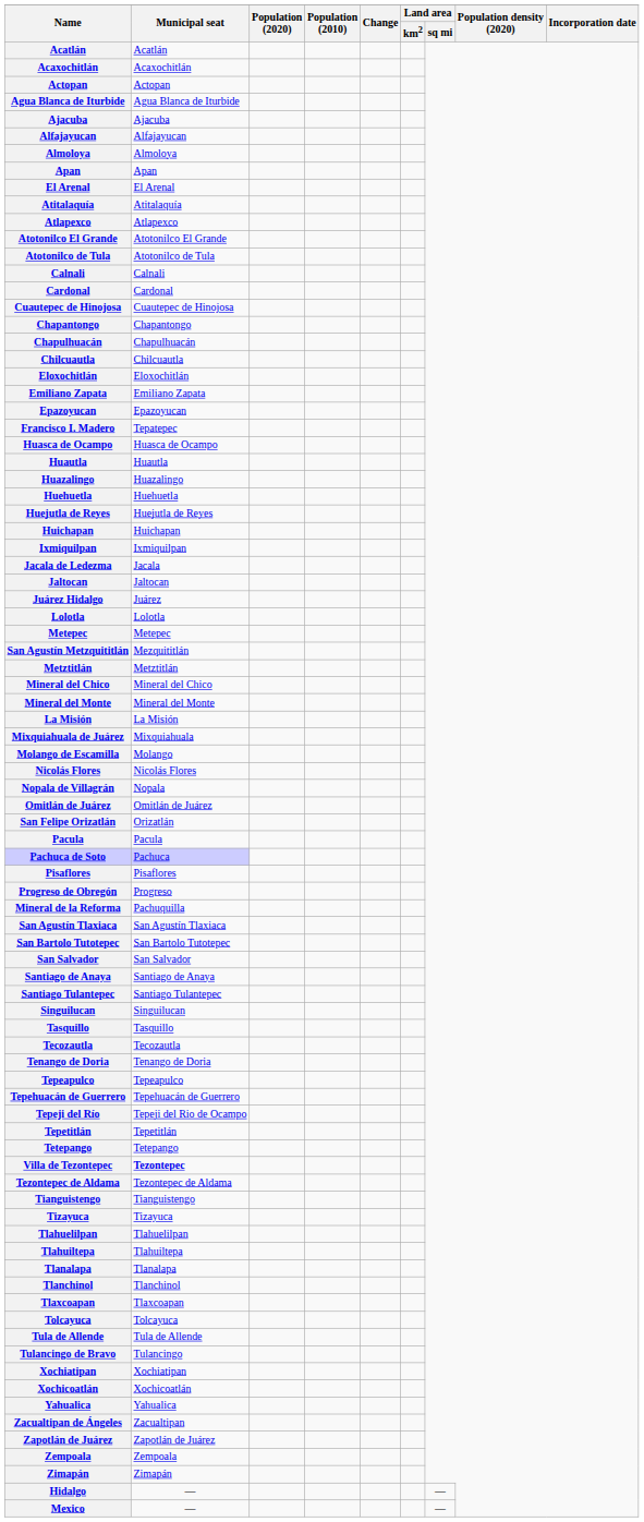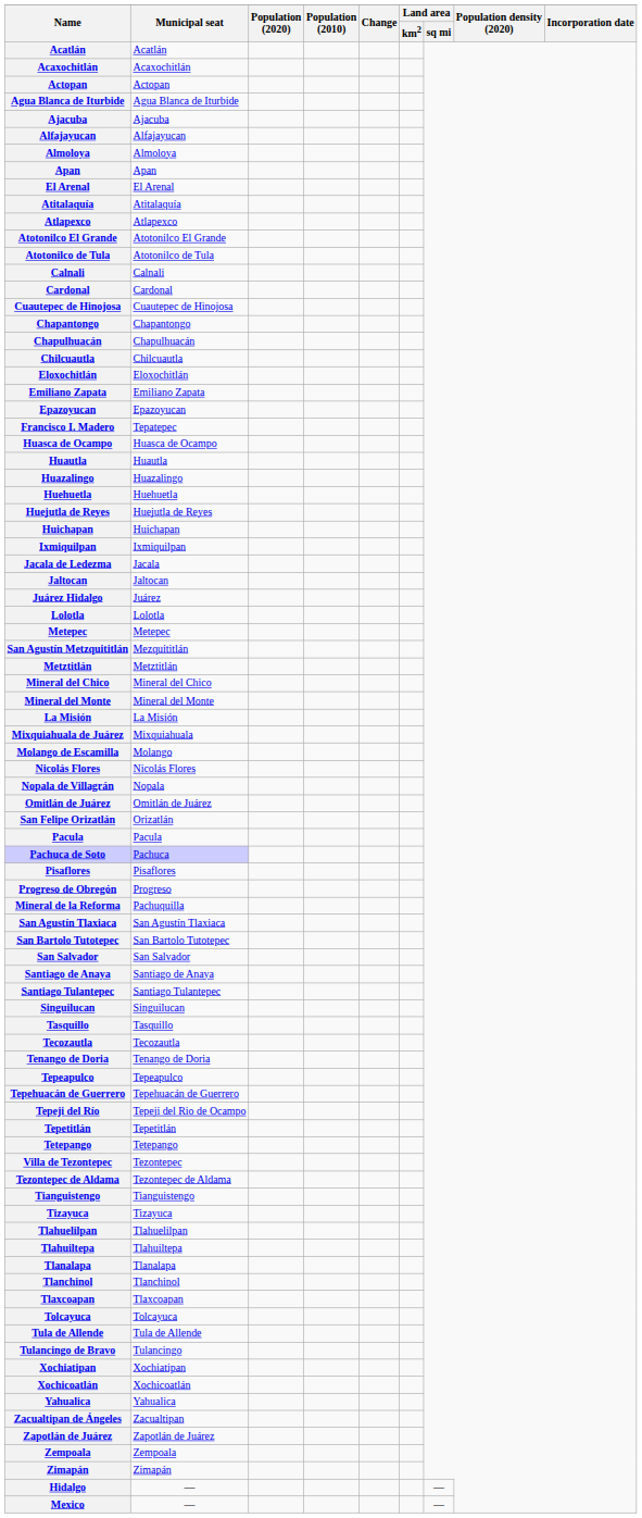 <table class="wikitable sortable" style="text-align:right;">
 <tr>
 </tr>
 <tr>
 <th scope="col"  rowspan=2>Name</th>
 <th scope="col"  rowspan=2>Municipal seat</th>
 <th scope="col"  rowspan=2>Population<br>(2020)</th>
 <th scope="col"  rowspan=2>Population<br>(2010)</th>
 <th scope="col"  rowspan=2>Change</th>
 <th scope="col" data-sort-type="number"  colspan=2>Land area </th>
 <th scope="col" data-sort-type="number"  rowspan=2>Population density<br>(2020)</th>
 <th scope="col"  rowspan=2>Incorporation date</th>
 </tr>
 <tr>
 <th scope="col">km<sup>2</sup></th>
 <th scope="col">sq mi</th>
 </tr>
 <tr>
 <th scope="row" align="left"><a href='#'>Acatlán</a></th>
 <td align=left><a href='#'>Acatlán</a></td>
 <td></td>
 <td></td>
 <td></td>
 <td></td>
 </tr>
 <tr>
 <th scope="row" align="left"><a href='#'>Acaxochitlán</a></th>
 <td align=left><a href='#'>Acaxochitlán</a></td>
 <td></td>
 <td></td>
 <td></td>
 <td></td>
 </tr>
 <tr>
 <th scope="row" align="left"><a href='#'>Actopan</a></th>
 <td align=left><a href='#'>Actopan</a></td>
 <td></td>
 <td></td>
 <td></td>
 <td></td>
 </tr>
 <tr>
 <th scope="row" align="left"><a href='#'>Agua Blanca de Iturbide</a></th>
 <td align=left><a href='#'>Agua Blanca de Iturbide</a></td>
 <td></td>
 <td></td>
 <td></td>
 <td></td>
 </tr>
 <tr>
 <th scope="row" align="left"><a href='#'>Ajacuba</a></th>
 <td align=left><a href='#'>Ajacuba</a></td>
 <td></td>
 <td></td>
 <td></td>
 <td></td>
 </tr>
 <tr>
 <th scope="row" align="left"><a href='#'>Alfajayucan</a></th>
 <td align=left><a href='#'>Alfajayucan</a></td>
 <td></td>
 <td></td>
 <td></td>
 <td></td>
 </tr>
 <tr>
 <th scope="row" align="left"><a href='#'>Almoloya</a></th>
 <td align=left><a href='#'>Almoloya</a></td>
 <td></td>
 <td></td>
 <td></td>
 <td></td>
 </tr>
 <tr>
 <th scope="row" align="left"><a href='#'>Apan</a></th>
 <td align=left><a href='#'>Apan</a></td>
 <td></td>
 <td></td>
 <td></td>
 <td></td>
 </tr>
 <tr>
 <th scope="row" align="left"><a href='#'>El Arenal</a></th>
 <td align=left><a href='#'>El Arenal</a></td>
 <td></td>
 <td></td>
 <td></td>
 <td></td>
 </tr>
 <tr>
 <th scope="row" align="left"><a href='#'>Atitalaquía</a></th>
 <td align=left><a href='#'>Atitalaquía</a></td>
 <td></td>
 <td></td>
 <td></td>
 <td></td>
 </tr>
 <tr>
 <th scope="row" align="left"><a href='#'>Atlapexco</a></th>
 <td align=left><a href='#'>Atlapexco</a></td>
 <td></td>
 <td></td>
 <td></td>
 <td></td>
 </tr>
 <tr>
 <th scope="row" align="left"><a href='#'>Atotonilco El Grande</a></th>
 <td align=left><a href='#'>Atotonilco El Grande</a></td>
 <td></td>
 <td></td>
 <td></td>
 <td></td>
 </tr>
 <tr>
 <th scope="row" align="left"><a href='#'>Atotonilco de Tula</a></th>
 <td align=left><a href='#'>Atotonilco de Tula</a></td>
 <td></td>
 <td></td>
 <td></td>
 <td></td>
 </tr>
 <tr>
 <th scope="row" align="left"><a href='#'>Calnali</a></th>
 <td align=left><a href='#'>Calnali</a></td>
 <td></td>
 <td></td>
 <td></td>
 <td></td>
 </tr>
 <tr>
 <th scope="row" align="left"><a href='#'>Cardonal</a></th>
 <td align=left><a href='#'>Cardonal</a></td>
 <td></td>
 <td></td>
 <td></td>
 <td></td>
 </tr>
 <tr>
 <th scope="row" align="left"><a href='#'>Cuautepec de Hinojosa</a></th>
 <td align=left><a href='#'>Cuautepec de Hinojosa</a></td>
 <td></td>
 <td></td>
 <td></td>
 <td></td>
 </tr>
 <tr>
 <th scope="row" align="left"><a href='#'>Chapantongo</a></th>
 <td align=left><a href='#'>Chapantongo</a></td>
 <td></td>
 <td></td>
 <td></td>
 <td></td>
 </tr>
 <tr>
 <th scope="row" align="left"><a href='#'>Chapulhuacán</a></th>
 <td align=left><a href='#'>Chapulhuacán</a></td>
 <td></td>
 <td></td>
 <td></td>
 <td></td>
 </tr>
 <tr>
 <th scope="row" align="left"><a href='#'>Chilcuautla</a></th>
 <td align=left><a href='#'>Chilcuautla</a></td>
 <td></td>
 <td></td>
 <td></td>
 <td></td>
 </tr>
 <tr>
 <th scope="row" align="left"><a href='#'>Eloxochitlán</a></th>
 <td align=left><a href='#'>Eloxochitlán</a></td>
 <td></td>
 <td></td>
 <td></td>
 <td></td>
 </tr>
 <tr>
 <th scope="row" align="left"><a href='#'>Emiliano Zapata</a></th>
 <td align=left><a href='#'>Emiliano Zapata</a></td>
 <td></td>
 <td></td>
 <td></td>
 <td></td>
 </tr>
 <tr>
 <th scope="row" align="left"><a href='#'>Epazoyucan</a></th>
 <td align=left><a href='#'>Epazoyucan</a></td>
 <td></td>
 <td></td>
 <td></td>
 <td></td>
 </tr>
 <tr>
 <th scope="row" align="left"><a href='#'>Francisco I. Madero</a></th>
 <td align=left><a href='#'>Tepatepec</a></td>
 <td></td>
 <td></td>
 <td></td>
 <td></td>
 </tr>
 <tr>
 <th scope="row" align="left"><a href='#'>Huasca de Ocampo</a></th>
 <td align=left><a href='#'>Huasca de Ocampo</a></td>
 <td></td>
 <td></td>
 <td></td>
 <td></td>
 </tr>
 <tr>
 <th scope="row" align="left"><a href='#'>Huautla</a></th>
 <td align=left><a href='#'>Huautla</a></td>
 <td></td>
 <td></td>
 <td></td>
 <td></td>
 </tr>
 <tr>
 <th scope="row" align="left"><a href='#'>Huazalingo</a></th>
 <td align=left><a href='#'>Huazalingo</a></td>
 <td></td>
 <td></td>
 <td></td>
 <td></td>
 </tr>
 <tr>
 <th scope="row" align="left"><a href='#'>Huehuetla</a></th>
 <td align=left><a href='#'>Huehuetla</a></td>
 <td></td>
 <td></td>
 <td></td>
 <td></td>
 </tr>
 <tr>
 <th scope="row" align="left"><a href='#'>Huejutla de Reyes</a></th>
 <td align=left><a href='#'>Huejutla de Reyes</a></td>
 <td></td>
 <td></td>
 <td></td>
 <td></td>
 </tr>
 <tr>
 <th scope="row" align="left"><a href='#'>Huichapan</a></th>
 <td align=left><a href='#'>Huichapan</a></td>
 <td></td>
 <td></td>
 <td></td>
 <td></td>
 </tr>
 <tr>
 <th scope="row" align="left"><a href='#'>Ixmiquilpan</a></th>
 <td align=left><a href='#'>Ixmiquilpan</a></td>
 <td></td>
 <td></td>
 <td></td>
 <td></td>
 </tr>
 <tr>
 <th scope="row" align="left"><a href='#'>Jacala de Ledezma</a></th>
 <td align=left><a href='#'>Jacala</a></td>
 <td></td>
 <td></td>
 <td></td>
 <td></td>
 </tr>
 <tr>
 <th scope="row" align="left"><a href='#'>Jaltocan</a></th>
 <td align=left><a href='#'>Jaltocan</a></td>
 <td></td>
 <td></td>
 <td></td>
 <td></td>
 </tr>
 <tr>
 <th scope="row" align="left"><a href='#'>Juárez Hidalgo</a></th>
 <td align=left><a href='#'>Juárez</a></td>
 <td></td>
 <td></td>
 <td></td>
 <td></td>
 </tr>
 <tr>
 <th scope="row" align="left"><a href='#'>Lolotla</a></th>
 <td align=left><a href='#'>Lolotla</a></td>
 <td></td>
 <td></td>
 <td></td>
 <td></td>
 </tr>
 <tr>
 <th scope="row" align="left"><a href='#'>Metepec</a></th>
 <td align=left><a href='#'>Metepec</a></td>
 <td></td>
 <td></td>
 <td></td>
 <td></td>
 </tr>
 <tr>
 <th scope="row" align="left"><a href='#'>San Agustín Metzquititlán</a></th>
 <td align=left><a href='#'>Mezquititlán</a></td>
 <td></td>
 <td></td>
 <td></td>
 <td></td>
 </tr>
 <tr>
 <th scope="row" align="left"><a href='#'>Metztitlán</a></th>
 <td align=left><a href='#'>Metztitlán</a></td>
 <td></td>
 <td></td>
 <td></td>
 <td></td>
 </tr>
 <tr>
 <th scope="row" align="left"><a href='#'>Mineral del Chico</a></th>
 <td align=left><a href='#'>Mineral del Chico</a></td>
 <td></td>
 <td></td>
 <td></td>
 <td></td>
 </tr>
 <tr>
 <th scope="row" align="left"><a href='#'>Mineral del Monte</a></th>
 <td align=left><a href='#'>Mineral del Monte</a></td>
 <td></td>
 <td></td>
 <td></td>
 <td></td>
 </tr>
 <tr>
 <th scope="row" align="left"><a href='#'>La Misión</a></th>
 <td align=left><a href='#'>La Misión</a></td>
 <td></td>
 <td></td>
 <td></td>
 <td></td>
 </tr>
 <tr>
 <th scope="row" align="left"><a href='#'>Mixquiahuala de Juárez</a></th>
 <td align=left><a href='#'>Mixquiahuala</a></td>
 <td></td>
 <td></td>
 <td></td>
 <td></td>
 </tr>
 <tr>
 <th scope="row" align="left"><a href='#'>Molango de Escamilla</a></th>
 <td align=left><a href='#'>Molango</a></td>
 <td></td>
 <td></td>
 <td></td>
 <td></td>
 </tr>
 <tr>
 <th scope="row" align="left"><a href='#'>Nicolás Flores</a></th>
 <td align=left><a href='#'>Nicolás Flores</a></td>
 <td></td>
 <td></td>
 <td></td>
 <td></td>
 </tr>
 <tr>
 <th scope="row" align="left"><a href='#'>Nopala de Villagrán</a></th>
 <td align=left><a href='#'>Nopala</a></td>
 <td></td>
 <td></td>
 <td></td>
 <td></td>
 </tr>
 <tr>
 <th scope="row" align="left"><a href='#'>Omitlán de Juárez</a></th>
 <td align=left><a href='#'>Omitlán de Juárez</a></td>
 <td></td>
 <td></td>
 <td></td>
 <td></td>
 </tr>
 <tr>
 <th scope="row" align="left"><a href='#'>San Felipe Orizatlán</a></th>
 <td align=left><a href='#'>Orizatlán</a></td>
 <td></td>
 <td></td>
 <td></td>
 <td></td>
 </tr>
 <tr>
 <th scope="row" align="left"><a href='#'>Pacula</a></th>
 <td align=left><a href='#'>Pacula</a></td>
 <td></td>
 <td></td>
 <td></td>
 <td></td>
 </tr>
 <tr>
 <th scope="row" align="left" style="background:#CCF"><a href='#'>Pachuca de Soto</a></th>
 <td align=left style="background:#CCF"><a href='#'>Pachuca</a></td>
 <td></td>
 <td></td>
 <td></td>
 <td></td>
 </tr>
 <tr>
 <th scope="row" align="left"><a href='#'>Pisaflores</a></th>
 <td align=left><a href='#'>Pisaflores</a></td>
 <td></td>
 <td></td>
 <td></td>
 <td></td>
 </tr>
 <tr>
 <th scope="row" align="left"><a href='#'>Progreso de Obregón</a></th>
 <td align=left><a href='#'>Progreso</a></td>
 <td></td>
 <td></td>
 <td></td>
 <td></td>
 </tr>
 <tr>
 <th scope="row" align="left"><a href='#'>Mineral de la Reforma</a></th>
 <td align=left><a href='#'>Pachuquilla</a></td>
 <td></td>
 <td></td>
 <td></td>
 <td></td>
 </tr>
 <tr>
 <th scope="row" align="left"><a href='#'>San Agustín Tlaxiaca</a></th>
 <td align=left><a href='#'>San Agustín Tlaxiaca</a></td>
 <td></td>
 <td></td>
 <td></td>
 <td></td>
 </tr>
 <tr>
 <th scope="row" align="left"><a href='#'>San Bartolo Tutotepec</a></th>
 <td align=left><a href='#'>San Bartolo Tutotepec</a></td>
 <td></td>
 <td></td>
 <td></td>
 <td></td>
 </tr>
 <tr>
 <th scope="row" align="left"><a href='#'>San Salvador</a></th>
 <td align=left><a href='#'>San Salvador</a></td>
 <td></td>
 <td></td>
 <td></td>
 <td></td>
 </tr>
 <tr>
 <th scope="row" align="left"><a href='#'>Santiago de Anaya</a></th>
 <td align=left><a href='#'>Santiago de Anaya</a></td>
 <td></td>
 <td></td>
 <td></td>
 <td></td>
 </tr>
 <tr>
 <th scope="row" align="left"><a href='#'>Santiago Tulantepec</a></th>
 <td align=left><a href='#'>Santiago Tulantepec</a></td>
 <td></td>
 <td></td>
 <td></td>
 <td></td>
 </tr>
 <tr>
 <th scope="row" align="left"><a href='#'>Singuilucan</a></th>
 <td align=left><a href='#'>Singuilucan</a></td>
 <td></td>
 <td></td>
 <td></td>
 <td></td>
 </tr>
 <tr>
 <th scope="row" align="left"><a href='#'>Tasquillo</a></th>
 <td align=left><a href='#'>Tasquillo</a></td>
 <td></td>
 <td></td>
 <td></td>
 <td></td>
 </tr>
 <tr>
 <th scope="row" align="left"><a href='#'>Tecozautla</a></th>
 <td align=left><a href='#'>Tecozautla</a></td>
 <td></td>
 <td></td>
 <td></td>
 <td></td>
 </tr>
 <tr>
 <th scope="row" align="left"><a href='#'>Tenango de Doria</a></th>
 <td align=left><a href='#'>Tenango de Doria</a></td>
 <td></td>
 <td></td>
 <td></td>
 <td></td>
 </tr>
 <tr>
 <th scope="row" align="left"><a href='#'>Tepeapulco</a></th>
 <td align=left><a href='#'>Tepeapulco</a></td>
 <td></td>
 <td></td>
 <td></td>
 <td></td>
 </tr>
 <tr>
 <th scope="row" align="left"><a href='#'>Tepehuacán de Guerrero</a></th>
 <td align=left><a href='#'>Tepehuacán de Guerrero</a></td>
 <td></td>
 <td></td>
 <td></td>
 <td></td>
 </tr>
 <tr>
 <th scope="row" align="left"><a href='#'>Tepeji del Río</a></th>
 <td align=left><a href='#'>Tepeji del Rio de Ocampo</a></td>
 <td></td>
 <td></td>
 <td></td>
 <td></td>
 </tr>
 <tr>
 <th scope="row" align="left"><a href='#'>Tepetitlán</a></th>
 <td align=left><a href='#'>Tepetitlán</a></td>
 <td></td>
 <td></td>
 <td></td>
 <td></td>
 </tr>
 <tr>
 <th scope="row" align="left"><a href='#'>Tetepango</a></th>
 <td align=left><a href='#'>Tetepango</a></td>
 <td></td>
 <td></td>
 <td></td>
 <td></td>
 </tr>
 <tr>
 <th scope="row" align="left"><a href='#'>Villa de Tezontepec</a></th>
-<td align=left><strong><a href='#'>Tezontepec</a></strong></td>
+<td align=left><a href='#'>Tezontepec</a></td>
 <td></td>
 <td></td>
 <td></td>
 <td></td>
 </tr>
 <tr>
 <th scope="row" align="left"><a href='#'>Tezontepec de Aldama</a></th>
 <td align=left><a href='#'>Tezontepec de Aldama</a></td>
 <td></td>
 <td></td>
 <td></td>
 <td></td>
 </tr>
 <tr>
 <th scope="row" align="left"><a href='#'>Tianguistengo</a></th>
 <td align=left><a href='#'>Tianguistengo</a></td>
 <td></td>
 <td></td>
 <td></td>
 <td></td>
 </tr>
 <tr>
 <th scope="row" align="left"><a href='#'>Tizayuca</a></th>
 <td align=left><a href='#'>Tizayuca</a></td>
 <td></td>
 <td></td>
 <td></td>
 <td></td>
 </tr>
 <tr>
 <th scope="row" align="left"><a href='#'>Tlahuelilpan</a></th>
 <td align=left><a href='#'>Tlahuelilpan</a></td>
 <td></td>
 <td></td>
 <td></td>
 <td></td>
 </tr>
 <tr>
 <th scope="row" align="left"><a href='#'>Tlahuiltepa</a></th>
 <td align=left><a href='#'>Tlahuiltepa</a></td>
 <td></td>
 <td></td>
 <td></td>
 <td></td>
 </tr>
 <tr>
 <th scope="row" align="left"><a href='#'>Tlanalapa</a></th>
 <td align=left><a href='#'>Tlanalapa</a></td>
 <td></td>
 <td></td>
 <td></td>
 <td></td>
 </tr>
 <tr>
 <th scope="row" align="left"><a href='#'>Tlanchinol</a></th>
 <td align=left><a href='#'>Tlanchinol</a></td>
 <td></td>
 <td></td>
 <td></td>
 <td></td>
 </tr>
 <tr>
 <th scope="row" align="left"><a href='#'>Tlaxcoapan</a></th>
 <td align=left><a href='#'>Tlaxcoapan</a></td>
 <td></td>
 <td></td>
 <td></td>
 <td></td>
 </tr>
 <tr>
 <th scope="row" align="left"><a href='#'>Tolcayuca</a></th>
 <td align=left><a href='#'>Tolcayuca</a></td>
 <td></td>
 <td></td>
 <td></td>
 <td></td>
 </tr>
 <tr>
 <th scope="row" align="left"><a href='#'>Tula de Allende</a></th>
 <td align=left><a href='#'>Tula de Allende</a></td>
 <td></td>
 <td></td>
 <td></td>
 <td></td>
 </tr>
 <tr>
 <th scope="row" align="left"><a href='#'>Tulancingo de Bravo</a></th>
 <td align=left><a href='#'>Tulancingo</a></td>
 <td></td>
 <td></td>
 <td></td>
 <td></td>
 </tr>
 <tr>
 <th scope="row" align="left"><a href='#'>Xochiatipan</a></th>
 <td align=left><a href='#'>Xochiatipan</a></td>
 <td></td>
 <td></td>
 <td></td>
 <td></td>
 </tr>
 <tr>
 <th scope="row" align="left"><a href='#'>Xochicoatlán</a></th>
 <td align=left><a href='#'>Xochicoatlán</a></td>
 <td></td>
 <td></td>
 <td></td>
 <td></td>
 </tr>
 <tr>
 <th scope="row" align="left"><a href='#'>Yahualica</a></th>
 <td align=left><a href='#'>Yahualica</a></td>
 <td></td>
 <td></td>
 <td></td>
 <td></td>
 </tr>
 <tr>
 <th scope="row" align="left"><a href='#'>Zacualtipan de Ángeles</a></th>
 <td align=left><a href='#'>Zacualtipan</a></td>
 <td></td>
 <td></td>
 <td></td>
 <td></td>
 </tr>
 <tr>
 <th scope="row" align="left"><a href='#'>Zapotlán de Juárez</a></th>
 <td align=left><a href='#'>Zapotlán de Juárez</a></td>
 <td></td>
 <td></td>
 <td></td>
 <td></td>
 </tr>
 <tr>
 <th scope="row" align="left"><a href='#'>Zempoala</a></th>
 <td align=left><a href='#'>Zempoala</a></td>
 <td></td>
 <td></td>
 <td></td>
 <td></td>
 </tr>
 <tr>
 <th scope="row" align="left"><a href='#'>Zimapán</a></th>
 <td align=left><a href='#'>Zimapán</a></td>
 <td></td>
 <td></td>
 <td></td>
 <td></td>
 </tr>
 <tr class="sortbottom" style="text-align:center;" style="background: #f2f2f2;">
 <th scope="row" align="left"><strong><a href='#'>Hidalgo</a></strong></th>
 <td><strong>—</strong></td>
 <td></td>
 <td><strong></strong></td>
 <td><strong></strong></td>
 <td align="right"><strong></strong></td>
 <td><strong>—</strong></td>
 </tr>
 <tr class="sortbottom" style="text-align:center;" style="background: #f2f2f2;">
 <th scope="row" align="left"><strong><a href='#'>Mexico</a></strong></th>
 <td><strong>—</strong></td>
 <td></td>
 <td><strong></strong></td>
 <td><strong></strong></td>
 <td align="right"><strong></strong></td>
 <td><strong>—</strong></td>
 </tr>
 </table>
